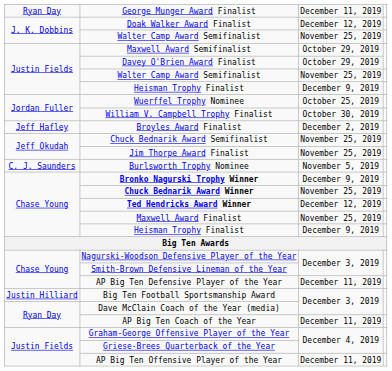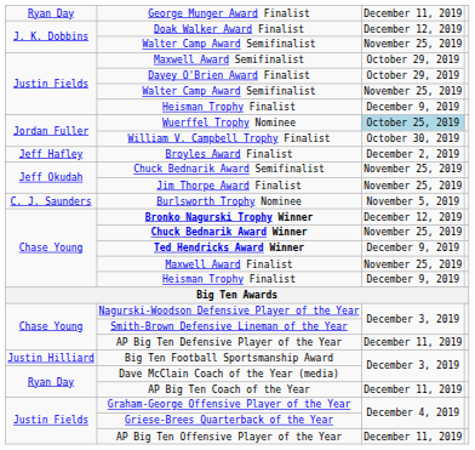 <table class="wikitable sortable sortable" style="text-align: center">
 <tr>
 <td><a href='#'>Ryan Day</a></td>
 <td><a href='#'>George Munger Award</a> Finalist</td>
 <td>December 11, 2019</td>
 <td></td>
 </tr>
 <tr>
 <td rowspan="2"><a href='#'>J. K. Dobbins</a></td>
 <td><a href='#'>Doak Walker Award</a> Finalist</td>
 <td>December 12, 2019</td>
 <td></td>
 </tr>
 <tr>
 <td><a href='#'>Walter Camp Award</a> Semifinalist</td>
 <td>November 25, 2019</td>
 <td></td>
 </tr>
 <tr>
 <td rowspan="4"><a href='#'>Justin Fields</a></td>
 <td><a href='#'>Maxwell Award</a> Semifinalist</td>
 <td>October 29, 2019</td>
 <td rowspan="2"></td>
 </tr>
 <tr>
 <td><a href='#'>Davey O'Brien Award</a> Finalist</td>
 <td>October 29, 2019</td>
 </tr>
 <tr>
 <td><a href='#'>Walter Camp Award</a> Semifinalist</td>
 <td>November 25, 2019</td>
 <td></td>
 </tr>
 <tr>
 <td><a href='#'>Heisman Trophy</a> Finalist</td>
 <td>December 9, 2019</td>
 <td></td>
 </tr>
 <tr>
 <td rowspan="2"><a href='#'>Jordan Fuller</a></td>
 <td><a href='#'>Wuerffel Trophy</a> Nominee</td>
-<td>October 25, 2019</td>
+<td style="background: lightblue;">October 25, 2019</td>
 <td></td>
 </tr>
 <tr>
 <td><a href='#'>William V. Campbell Trophy</a> Finalist</td>
 <td>October 30, 2019</td>
 <td></td>
 </tr>
 <tr>
 <td><a href='#'>Jeff Hafley</a></td>
 <td><a href='#'>Broyles Award</a> Finalist</td>
 <td>December 2, 2019</td>
 <td></td>
 </tr>
 <tr>
 <td rowspan="2"><a href='#'>Jeff Okudah</a></td>
 <td><a href='#'>Chuck Bednarik Award</a> Semifinalist</td>
 <td>November 25, 2019</td>
 <td></td>
 </tr>
 <tr>
 <td><a href='#'>Jim Thorpe Award</a> Finalist</td>
 <td>November 25, 2019</td>
 <td></td>
 </tr>
 <tr>
 <td><a href='#'>C. J. Saunders</a></td>
 <td><a href='#'>Burlsworth Trophy</a> Nominee</td>
 <td>November 5, 2019</td>
 <td></td>
 </tr>
 <tr>
 <td rowspan="5"><a href='#'>Chase Young</a></td>
 <td><strong><a href='#'>Bronko Nagurski Trophy</a> Winner</strong></td>
-<td>December 9, 2019</td>
+<td>December 12, 2019</td>
 <td></td>
 </tr>
 <tr>
 <td><strong><a href='#'>Chuck Bednarik Award</a> Winner</strong></td>
 <td>November 25, 2019</td>
 <td></td>
 </tr>
 <tr>
 <td><strong><a href='#'>Ted Hendricks Award</a> Winner</strong></td>
-<td>December 12, 2019</td>
+<td>December 9, 2019</td>
 <td></td>
 </tr>
 <tr>
 <td><a href='#'>Maxwell Award</a> Finalist</td>
 <td>November 25, 2019</td>
 <td></td>
 </tr>
 <tr>
 <td><a href='#'>Heisman Trophy</a> Finalist</td>
 <td>December 9, 2019</td>
 <td></td>
 </tr>
 <tr>
 <th colspan=4>Big Ten Awards</th>
 </tr>
 <tr>
 <td rowspan="3"><a href='#'>Chase Young</a></td>
 <td><a href='#'>Nagurski-Woodson Defensive Player of the Year</a></td>
 <td rowspan="2">December 3, 2019</td>
 <td rowspan="2"></td>
 </tr>
 <tr>
 <td><a href='#'>Smith-Brown Defensive Lineman of the Year</a></td>
 </tr>
 <tr>
 <td>AP Big Ten Defensive Player of the Year</td>
 <td>December 11, 2019</td>
 <td></td>
 </tr>
 <tr>
 <td><a href='#'>Justin Hilliard</a></td>
 <td>Big Ten Football Sportsmanship Award</td>
 <td rowspan="2">December 3, 2019</td>
 <td rowspan="2"></td>
 </tr>
 <tr>
 <td rowspan="2"><a href='#'>Ryan Day</a></td>
 <td>Dave McClain Coach of the Year (media)</td>
 </tr>
 <tr>
 <td>AP Big Ten Coach of the Year</td>
 <td>December 11, 2019</td>
 <td></td>
 </tr>
 <tr>
 <td rowspan="3"><a href='#'>Justin Fields</a></td>
 <td><a href='#'>Graham-George Offensive Player of the Year</a></td>
 <td rowspan="2">December 4, 2019</td>
 <td rowspan="2"></td>
 </tr>
 <tr>
 <td><a href='#'>Griese-Brees Quarterback of the Year</a></td>
 </tr>
 <tr>
 <td>AP Big Ten Offensive Player of the Year</td>
 <td>December 11, 2019</td>
 <td></td>
 </tr>
 </table>
